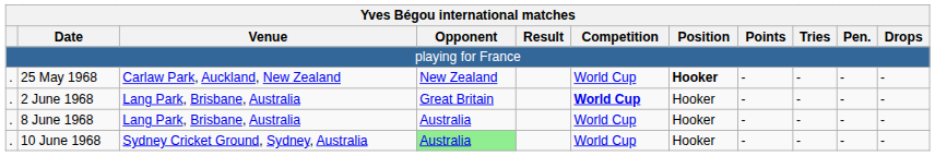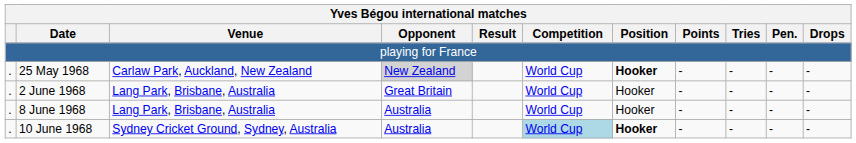 <table class="wikitable sortable" style="float:center; border:1px; font-size:90%; margin-left:1em;" border="1">
 <tr>
 <th colspan="12" width="1000">Yves Bégou international matches</th>
 </tr>
 <tr>
 <th></th>
 <th>Date</th>
 <th>Venue</th>
 <th>Opponent</th>
 <th>Result</th>
 <th>Competition</th>
 <th>Position</th>
 <th>Points</th>
 <th>Tries</th>
 <th>Pen.</th>
 <th>Drops</th>
 </tr>
 <tr>
 <td colspan="11" style="text-align:center; background-color:#369; color:#ffffff;">playing for France</td>
 </tr>
 <tr>
 <td>.</td>
 <td>25 May 1968</td>
 <td><a href='#'>Carlaw Park</a>, <a href='#'>Auckland</a>, <a href='#'>New Zealand</a></td>
-<td><a href='#'>New Zealand</a></td>
+<td style="background: lightgrey;"><a href='#'>New Zealand</a></td>
 <td></td>
 <td><a href='#'>World Cup</a></td>
 <td><strong>Hooker</strong></td>
 <td>-</td>
 <td>-</td>
 <td>-</td>
 <td>-</td>
 </tr>
 <tr>
 <td>.</td>
 <td>2 June 1968</td>
 <td><a href='#'>Lang Park</a>, <a href='#'>Brisbane</a>, <a href='#'>Australia</a></td>
 <td><a href='#'>Great Britain</a></td>
 <td></td>
-<td><strong><a href='#'>World Cup</a></strong></td>
+<td><a href='#'>World Cup</a></td>
 <td>Hooker</td>
 <td>-</td>
 <td>-</td>
 <td>-</td>
 <td>-</td>
 </tr>
 <tr>
 <td>.</td>
 <td>8 June 1968</td>
 <td><a href='#'>Lang Park</a>, <a href='#'>Brisbane</a>, <a href='#'>Australia</a></td>
 <td><a href='#'>Australia</a></td>
 <td></td>
 <td><a href='#'>World Cup</a></td>
 <td>Hooker</td>
 <td>-</td>
 <td>-</td>
 <td>-</td>
 <td>-</td>
 </tr>
 <tr>
 <td>.</td>
 <td>10 June 1968</td>
 <td><a href='#'>Sydney Cricket Ground</a>, <a href='#'>Sydney</a>, <a href='#'>Australia</a></td>
-<td style="background: lightgreen;"><a href='#'>Australia</a></td>
+<td><a href='#'>Australia</a></td>
 <td></td>
-<td><a href='#'>World Cup</a></td>
-<td>Hooker</td>
+<td style="background: lightblue;"><a href='#'>World Cup</a></td>
+<td><strong>Hooker</strong></td>
 <td>-</td>
 <td>-</td>
 <td>-</td>
 <td>-</td>
 </tr>
 </table>
